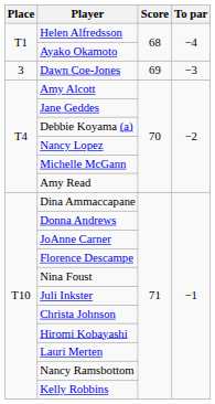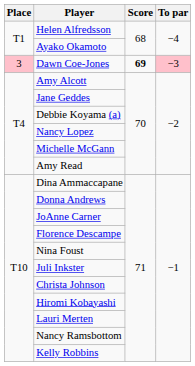 <table class="wikitable">
 <tr>
 <th>Place</th>
 <th>Player</th>
 <th>Score</th>
 <th>To par</th>
 </tr>
 <tr>
 <td align=center rowspan=2>T1</td>
 <td> <a href='#'>Helen Alfredsson</a></td>
 <td align=center rowspan=2>68</td>
 <td align=center rowspan=2>−4</td>
 </tr>
 <tr>
 <td> <a href='#'>Ayako Okamoto</a></td>
 </tr>
 <tr>
-<td align=center>3</td>
+<td align=center style="background: pink;">3</td>
 <td> <a href='#'>Dawn Coe-Jones</a></td>
-<td align=center>69</td>
-<td align=center>−3</td>
+<td align=center><strong>69</strong></td>
+<td align=center style="background: pink;">−3</td>
 </tr>
 <tr>
 <td align=center rowspan=6>T4</td>
 <td> <a href='#'>Amy Alcott</a></td>
 <td align=center rowspan=6>70</td>
 <td align=center rowspan=6>−2</td>
 </tr>
 <tr>
 <td> <a href='#'>Jane Geddes</a></td>
 </tr>
 <tr>
 <td> Debbie Koyama <a href='#'>(a)</a></td>
 </tr>
 <tr>
 <td> <a href='#'>Nancy Lopez</a></td>
 </tr>
 <tr>
 <td> <a href='#'>Michelle McGann</a></td>
 </tr>
 <tr>
 <td> Amy Read</td>
 </tr>
 <tr>
 <td align=center rowspan=11>T10</td>
 <td> Dina Ammaccapane</td>
 <td align=center rowspan=11>71</td>
 <td align=center rowspan=11>−1</td>
 </tr>
 <tr>
 <td> <a href='#'>Donna Andrews</a></td>
 </tr>
 <tr>
 <td> <a href='#'>JoAnne Carner</a></td>
 </tr>
 <tr>
 <td> <a href='#'>Florence Descampe</a></td>
 </tr>
 <tr>
 <td> Nina Foust</td>
 </tr>
 <tr>
 <td> <a href='#'>Juli Inkster</a></td>
 </tr>
 <tr>
 <td> <a href='#'>Christa Johnson</a></td>
 </tr>
 <tr>
 <td> <a href='#'>Hiromi Kobayashi</a></td>
 </tr>
 <tr>
 <td> <a href='#'>Lauri Merten</a></td>
 </tr>
 <tr>
 <td> Nancy Ramsbottom</td>
 </tr>
 <tr>
 <td> <a href='#'>Kelly Robbins</a></td>
 </tr>
 </table>
